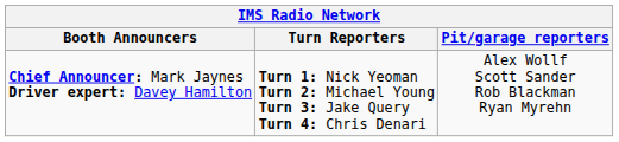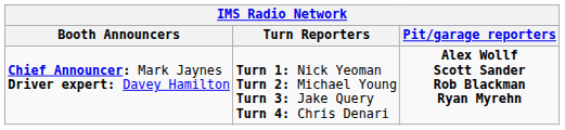 <table class="wikitable" style="font-size: 95%;">
 <tr>
 <th colspan=3><a href='#'>IMS Radio Network</a></th>
 </tr>
 <tr>
 <th>Booth Announcers</th>
 <th>Turn Reporters</th>
 <th><a href='#'>Pit/garage reporters</a></th>
 </tr>
 <tr>
 <td valign="top"><br><strong><a href='#'>Chief Announcer</a>:</strong> Mark Jaynes<br> <strong>Driver expert:</strong> <a href='#'>Davey Hamilton</a><br></td>
 <td valign="top"><br><strong>Turn 1:</strong> Nick Yeoman<br> <strong>Turn 2:</strong> Michael Young<br> <strong>Turn 3:</strong> Jake Query<br> <strong>Turn 4:</strong> Chris Denari<br></td>
-<td align="center" valign="top">Alex Wollf<br>Scott Sander<br>Rob Blackman<br>Ryan Myrehn</td>
+<td align="center" valign="top"><strong>Alex Wollf<br>Scott Sander<br>Rob Blackman<br>Ryan Myrehn</strong></td>
 </tr>
 </table>
